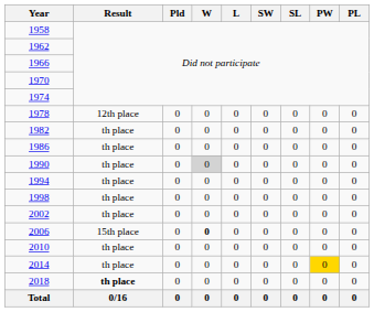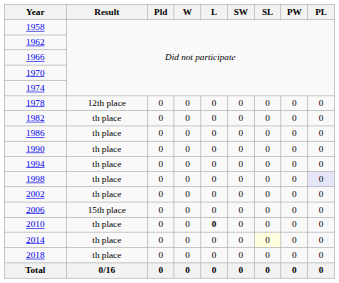 <table class="wikitable" style="text-align: center;font-size:90%;">
 <tr>
 <th width=90>Year</th>
 <th width=120>Result</th>
 <th width=35>Pld</th>
 <th width=35>W</th>
 <th width=35>L</th>
 <th width=35>SW</th>
 <th width=35>SL</th>
 <th width=35>PW</th>
 <th width=35>PL</th>
 </tr>
 <tr>
 <td> <a href='#'>1958</a></td>
 <td colspan=9 rowspan=5><em>Did not participate</em></td>
 </tr>
 <tr>
 <td> <a href='#'>1962</a></td>
 </tr>
 <tr>
 <td> <a href='#'>1966</a></td>
 </tr>
 <tr>
 <td> <a href='#'>1970</a></td>
 </tr>
 <tr>
 <td> <a href='#'>1974</a></td>
 </tr>
 <tr>
 <td> <a href='#'>1978</a></td>
 <td>12th place</td>
 <td>0</td>
 <td>0</td>
 <td>0</td>
 <td>0</td>
 <td>0</td>
 <td>0</td>
 <td>0</td>
 </tr>
 <tr>
 <td> <a href='#'>1982</a></td>
 <td>th place</td>
 <td>0</td>
 <td>0</td>
 <td>0</td>
 <td>0</td>
 <td>0</td>
 <td>0</td>
 <td>0</td>
 </tr>
 <tr>
 <td> <a href='#'>1986</a></td>
 <td>th place</td>
 <td>0</td>
 <td>0</td>
 <td>0</td>
 <td>0</td>
 <td>0</td>
 <td>0</td>
 <td>0</td>
 </tr>
 <tr>
 <td> <a href='#'>1990</a></td>
 <td>th place</td>
 <td>0</td>
-<td style="background: lightgrey;">0</td>
+<td>0</td>
 <td>0</td>
 <td>0</td>
 <td>0</td>
 <td>0</td>
 <td>0</td>
 </tr>
 <tr>
 <td> <a href='#'>1994</a></td>
 <td>th place</td>
 <td>0</td>
 <td>0</td>
 <td>0</td>
 <td>0</td>
 <td>0</td>
 <td>0</td>
 <td>0</td>
 </tr>
 <tr>
 <td> <a href='#'>1998</a></td>
 <td>th place</td>
 <td>0</td>
 <td>0</td>
 <td>0</td>
 <td>0</td>
 <td>0</td>
 <td>0</td>
-<td>0</td>
+<td style="background: lavender;">0</td>
 </tr>
 <tr>
 <td> <a href='#'>2002</a></td>
 <td>th place</td>
 <td>0</td>
 <td>0</td>
 <td>0</td>
 <td>0</td>
 <td>0</td>
 <td>0</td>
 <td>0</td>
 </tr>
 <tr>
 <td> <a href='#'>2006</a></td>
 <td>15th place</td>
 <td>0</td>
-<td><strong>0</strong></td>
+<td>0</td>
 <td>0</td>
 <td>0</td>
 <td>0</td>
 <td>0</td>
 <td>0</td>
 </tr>
 <tr>
 <td> <a href='#'>2010</a></td>
 <td>th place</td>
 <td>0</td>
 <td>0</td>
-<td>0</td>
+<td><strong>0</strong></td>
 <td>0</td>
 <td>0</td>
 <td>0</td>
 <td>0</td>
 </tr>
 <tr>
 <td> <a href='#'>2014</a></td>
 <td>th place</td>
 <td>0</td>
 <td>0</td>
 <td>0</td>
 <td>0</td>
+<td style="background: lightyellow;">0</td>
 <td>0</td>
-<td style="background: gold;">0</td>
 <td>0</td>
 </tr>
 <tr>
 <td> <a href='#'>2018</a></td>
-<td><strong>th place</strong></td>
+<td>th place</td>
 <td>0</td>
 <td>0</td>
 <td>0</td>
 <td>0</td>
 <td>0</td>
 <td>0</td>
 <td>0</td>
 </tr>
 <tr>
 <th>Total</th>
 <th>0/16</th>
 <th>0</th>
 <th>0</th>
 <th>0</th>
 <th>0</th>
 <th>0</th>
 <th>0</th>
 <th>0</th>
 </tr>
 </table>
